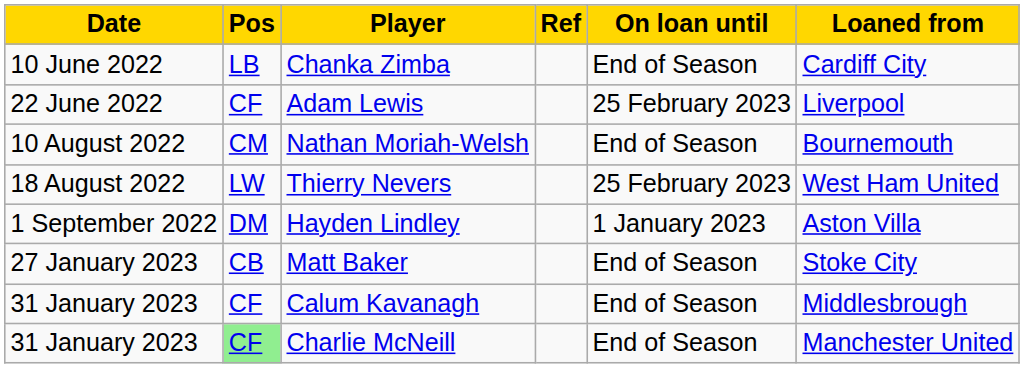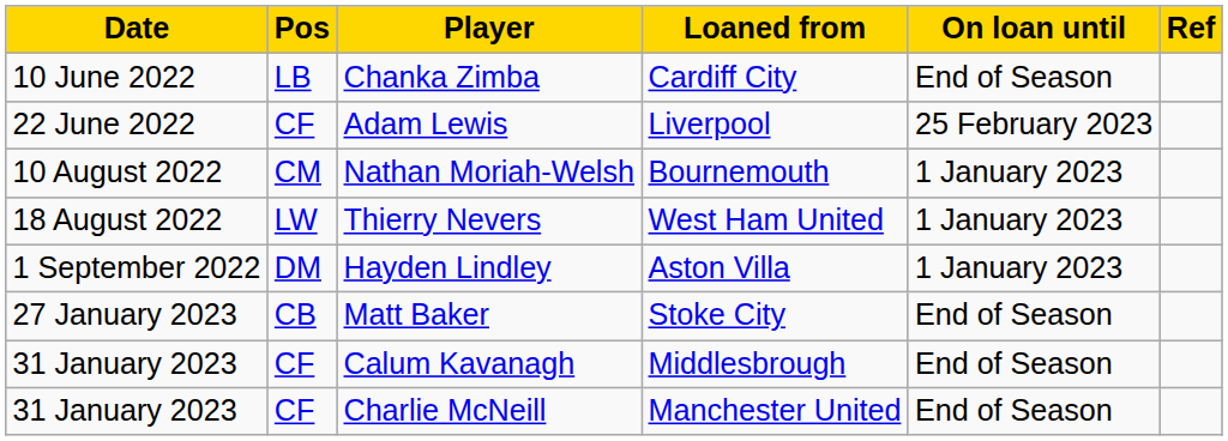 <table class="wikitable plainrowheaders sortable">
 <tr>
 <th style="background:#FFD700; color:#000000; ">Date</th>
 <th style="background:#FFD700; color:#000000; ">Pos</th>
 <th style="background:#FFD700; color:#000000; ">Player</th>
+<th style="background:#FFD700; color:#000000; ">Loaned from</th>
+<th style="background:#FFD700; color:#000000; ">On loan until</th>
 <th style="background:#FFD700; color:#000000; ">Ref</th>
-<th style="background:#FFD700; color:#000000; ">On loan until</th>
-<th style="background:#FFD700; color:#000000; ">Loaned from</th>
 </tr>
 <tr>
 <td>10 June 2022</td>
 <td><a href='#'>LB</a></td>
 <td> <a href='#'>Chanka Zimba</a></td>
+<td> <a href='#'>Cardiff City</a></td>
+<td>End of Season</td>
 <td></td>
-<td>End of Season</td>
-<td> <a href='#'>Cardiff City</a></td>
 </tr>
 <tr>
 <td>22 June 2022</td>
 <td><a href='#'>CF</a></td>
 <td> <a href='#'>Adam Lewis</a></td>
+<td> <a href='#'>Liverpool</a></td>
+<td>25 February 2023</td>
 <td></td>
-<td>25 February 2023</td>
-<td> <a href='#'>Liverpool</a></td>
 </tr>
 <tr>
 <td>10 August 2022</td>
 <td><a href='#'>CM</a></td>
 <td> <a href='#'>Nathan Moriah-Welsh</a></td>
+<td> <a href='#'>Bournemouth</a></td>
+<td>1 January 2023</td>
 <td></td>
-<td>End of Season</td>
-<td> <a href='#'>Bournemouth</a></td>
 </tr>
 <tr>
 <td>18 August 2022</td>
 <td><a href='#'>LW</a></td>
 <td> <a href='#'>Thierry Nevers</a></td>
+<td> <a href='#'>West Ham United</a></td>
+<td>1 January 2023</td>
 <td></td>
-<td>25 February 2023</td>
-<td> <a href='#'>West Ham United</a></td>
 </tr>
 <tr>
 <td>1 September 2022</td>
 <td><a href='#'>DM</a></td>
 <td> <a href='#'>Hayden Lindley</a></td>
+<td> <a href='#'>Aston Villa</a></td>
+<td>1 January 2023</td>
 <td></td>
-<td>1 January 2023</td>
-<td> <a href='#'>Aston Villa</a></td>
 </tr>
 <tr>
 <td>27 January 2023</td>
 <td><a href='#'>CB</a></td>
 <td> <a href='#'>Matt Baker</a></td>
+<td> <a href='#'>Stoke City</a></td>
+<td>End of Season</td>
 <td></td>
-<td>End of Season</td>
-<td> <a href='#'>Stoke City</a></td>
 </tr>
 <tr>
 <td>31 January 2023</td>
 <td><a href='#'>CF</a></td>
 <td> <a href='#'>Calum Kavanagh</a></td>
+<td> <a href='#'>Middlesbrough</a></td>
+<td>End of Season</td>
 <td></td>
-<td>End of Season</td>
-<td> <a href='#'>Middlesbrough</a></td>
 </tr>
 <tr>
 <td>31 January 2023</td>
-<td style="background: lightgreen;"><a href='#'>CF</a></td>
+<td><a href='#'>CF</a></td>
 <td> <a href='#'>Charlie McNeill</a></td>
+<td> <a href='#'>Manchester United</a></td>
+<td>End of Season</td>
 <td></td>
-<td>End of Season</td>
-<td> <a href='#'>Manchester United</a></td>
 </tr>
 </table>
